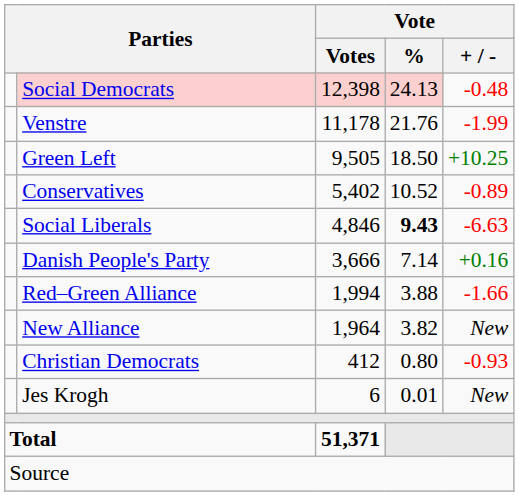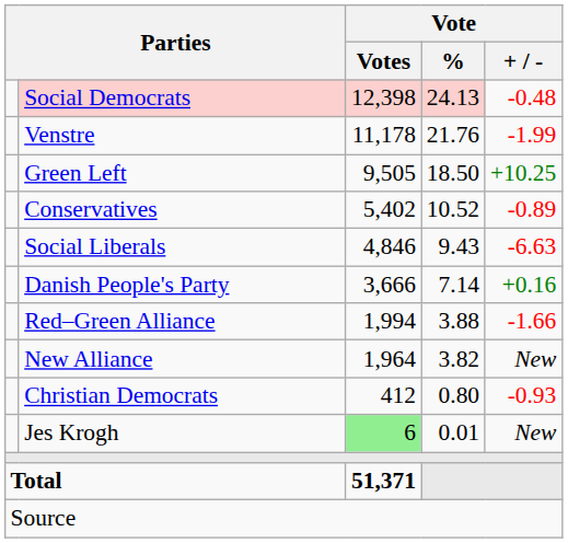 <table class="wikitable" style="text-align:right;">
 <tr>
 <th style="text-align:centre;" rowspan="2" colspan="2" width="225">Parties</th>
 <th colspan="3">Vote</th>
 </tr>
 <tr>
 <th width="15">Votes</th>
 <th width="15">%</th>
 <th width="15">+ / -</th>
 </tr>
 <tr>
 <td width="2" style="color:inherit;background:"></td>
 <td bgcolor=#fbd0ce  align="left"><a href='#'>Social Democrats</a></td>
 <td bgcolor=#fbd0ce>12,398</td>
 <td bgcolor=#fbd0ce>24.13</td>
 <td style=color:red;>-0.48</td>
 </tr>
 <tr>
 <td width="2" style="color:inherit;background:"></td>
 <td align="left"><a href='#'>Venstre</a></td>
 <td>11,178</td>
 <td>21.76</td>
 <td style=color:red;>-1.99</td>
 </tr>
 <tr>
 <td width="2" style="color:inherit;background:"></td>
 <td align="left"><a href='#'>Green Left</a></td>
 <td>9,505</td>
 <td>18.50</td>
 <td style=color:green;>+10.25</td>
 </tr>
 <tr>
 <td width="2" style="color:inherit;background:"></td>
 <td align="left"><a href='#'>Conservatives</a></td>
 <td>5,402</td>
 <td>10.52</td>
 <td style=color:red;>-0.89</td>
 </tr>
 <tr>
 <td width="2" style="color:inherit;background:"></td>
 <td align="left"><a href='#'>Social Liberals</a></td>
 <td>4,846</td>
-<td><strong>9.43</strong></td>
+<td>9.43</td>
 <td style=color:red;>-6.63</td>
 </tr>
 <tr>
 <td width="2" style="color:inherit;background:"></td>
 <td align="left"><a href='#'>Danish People's Party</a></td>
 <td>3,666</td>
 <td>7.14</td>
 <td style=color:green;>+0.16</td>
 </tr>
 <tr>
 <td width="2" style="color:inherit;background:"></td>
 <td align="left"><a href='#'>Red–Green Alliance</a></td>
 <td>1,994</td>
 <td>3.88</td>
 <td style=color:red;>-1.66</td>
 </tr>
 <tr>
 <td width="2" style="color:inherit;background:"></td>
 <td align="left"><a href='#'>New Alliance</a></td>
 <td>1,964</td>
 <td>3.82</td>
 <td><em>New</em></td>
 </tr>
 <tr>
 <td width="2" style="color:inherit;background:"></td>
 <td align="left"><a href='#'>Christian Democrats</a></td>
 <td>412</td>
 <td>0.80</td>
 <td style=color:red;>-0.93</td>
 </tr>
 <tr>
 <td width="2" style="color:inherit;background:"></td>
 <td align="left">Jes Krogh</td>
-<td>6</td>
+<td style="background: lightgreen;">6</td>
 <td>0.01</td>
 <td><em>New</em></td>
 </tr>
 <tr>
 <td colspan="7" bgcolor="#E9E9E9"></td>
 </tr>
 <tr>
 <td align="left" colspan="2"><strong>Total</strong></td>
 <td><strong>51,371</strong></td>
 <td bgcolor="#E9E9E9" colspan="2"></td>
 </tr>
 <tr>
 <td align="left" colspan="6">Source</td>
 </tr>
 </table>
